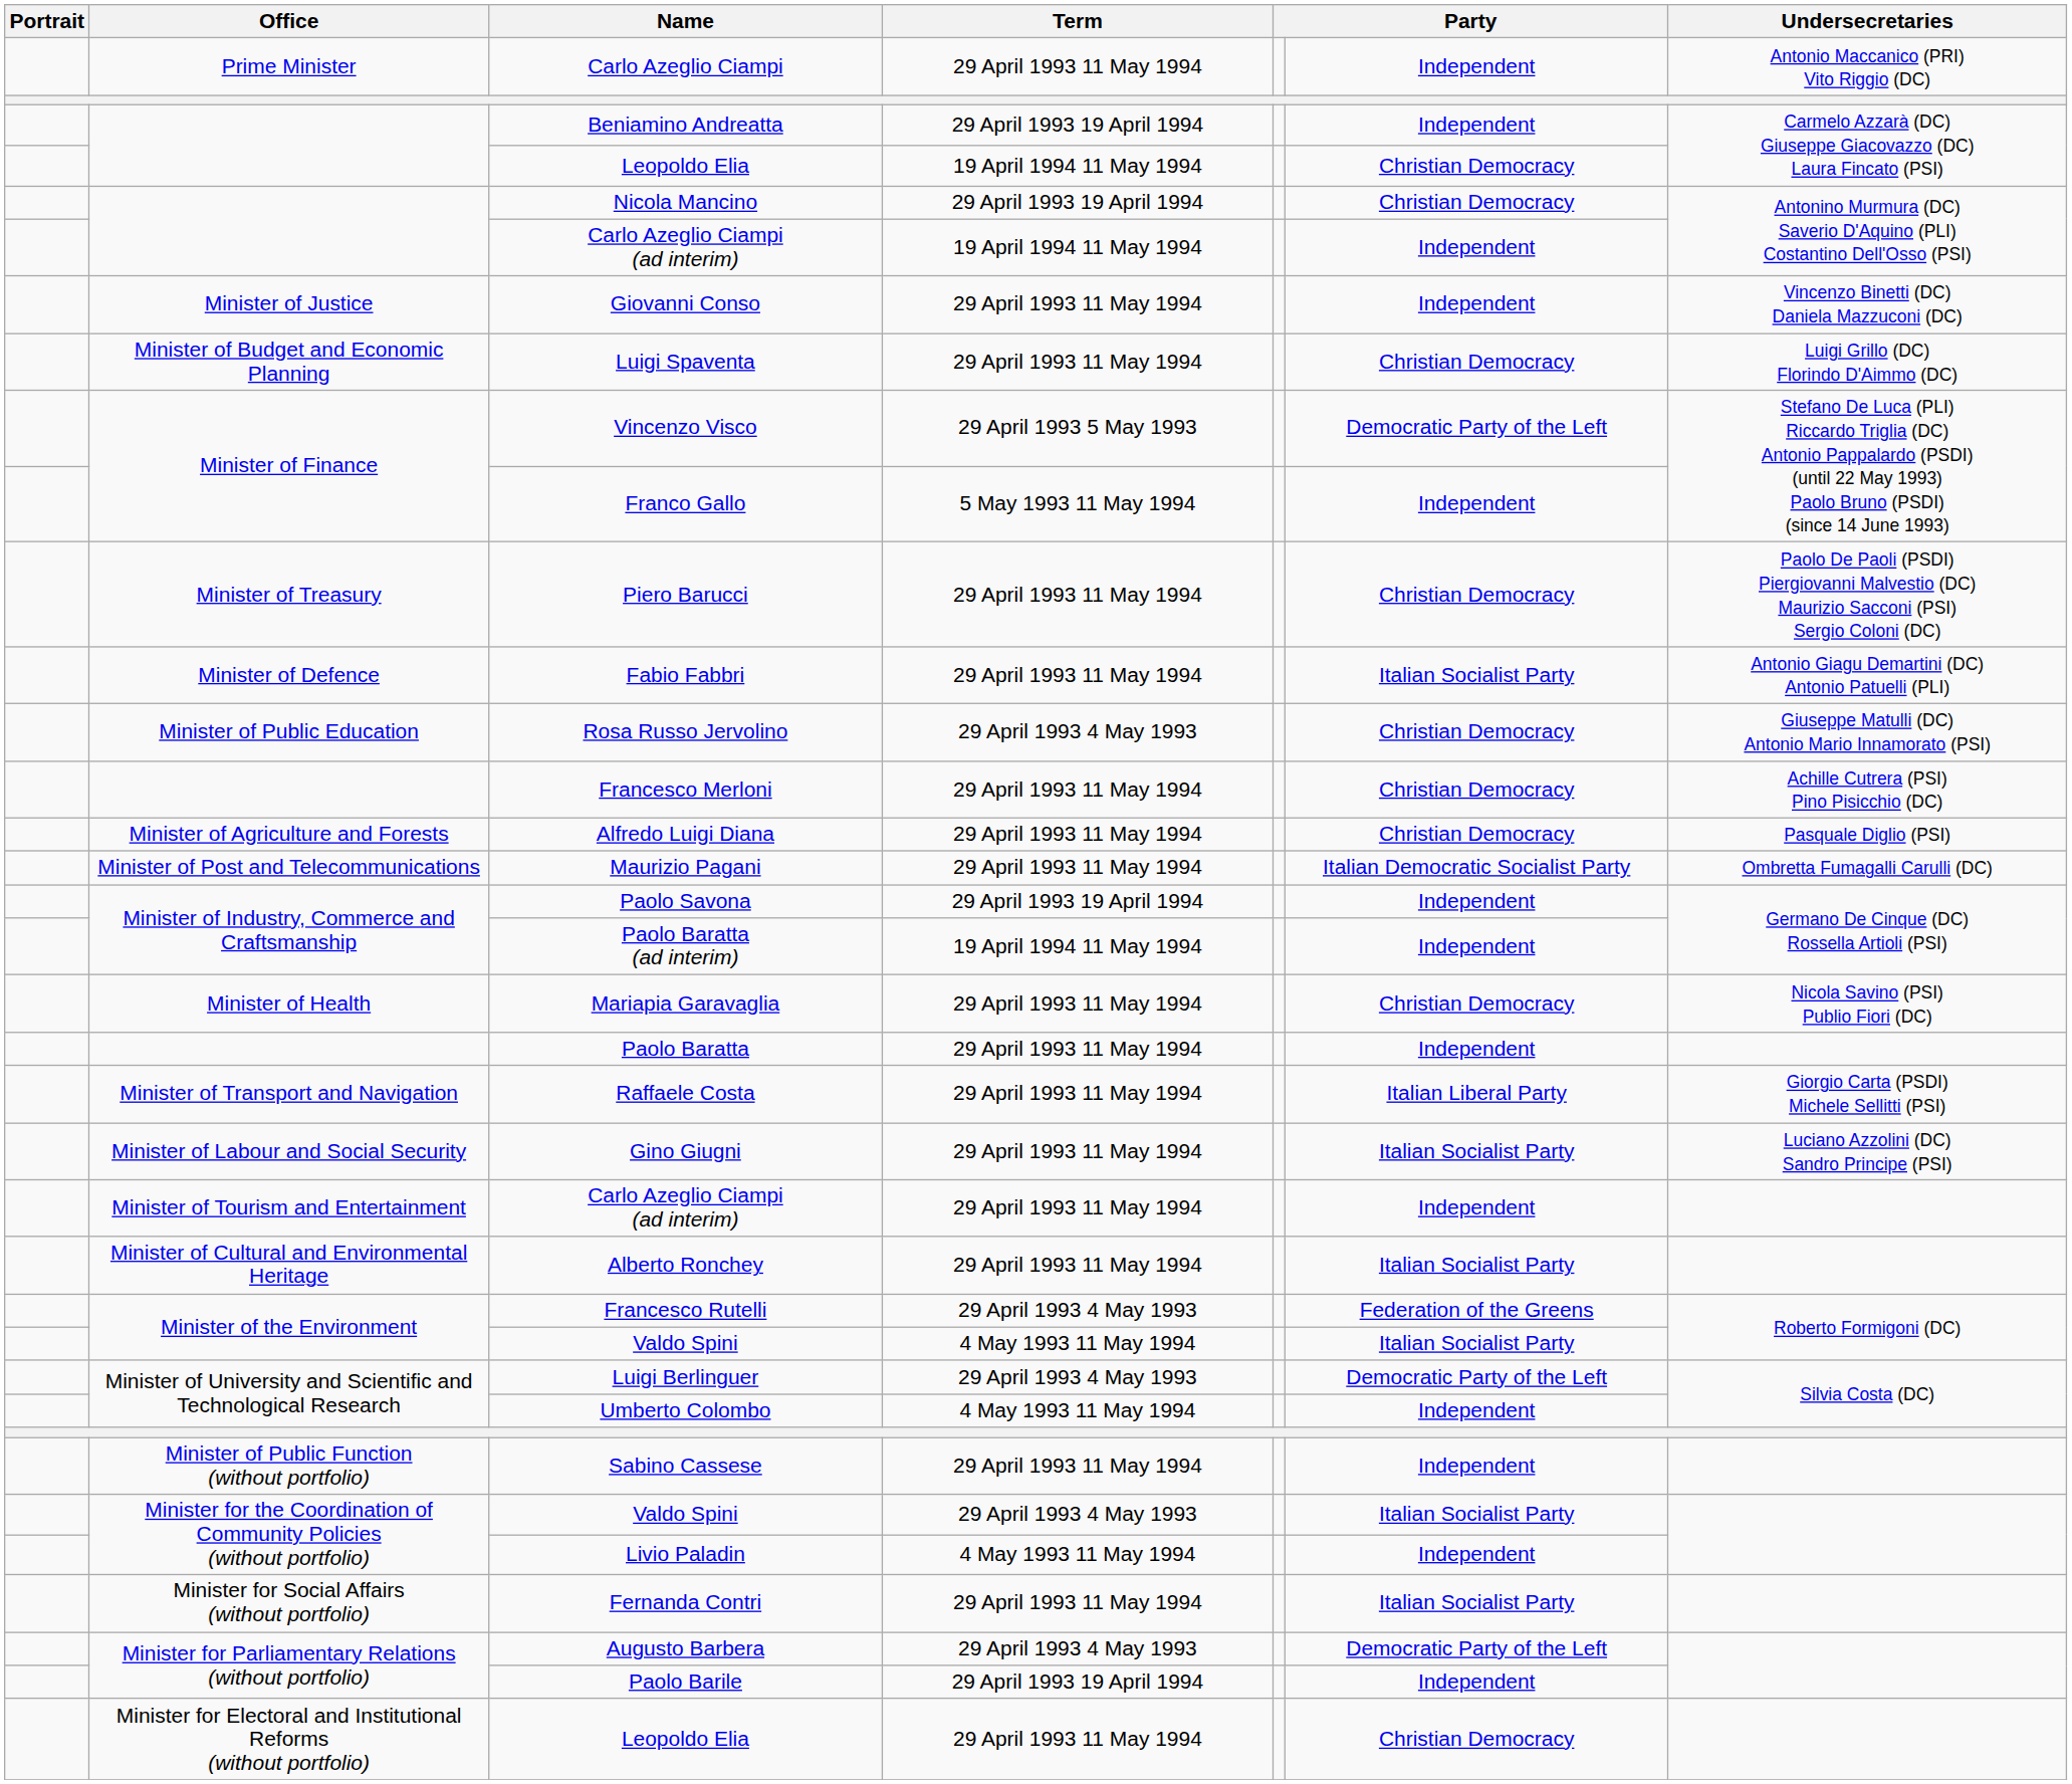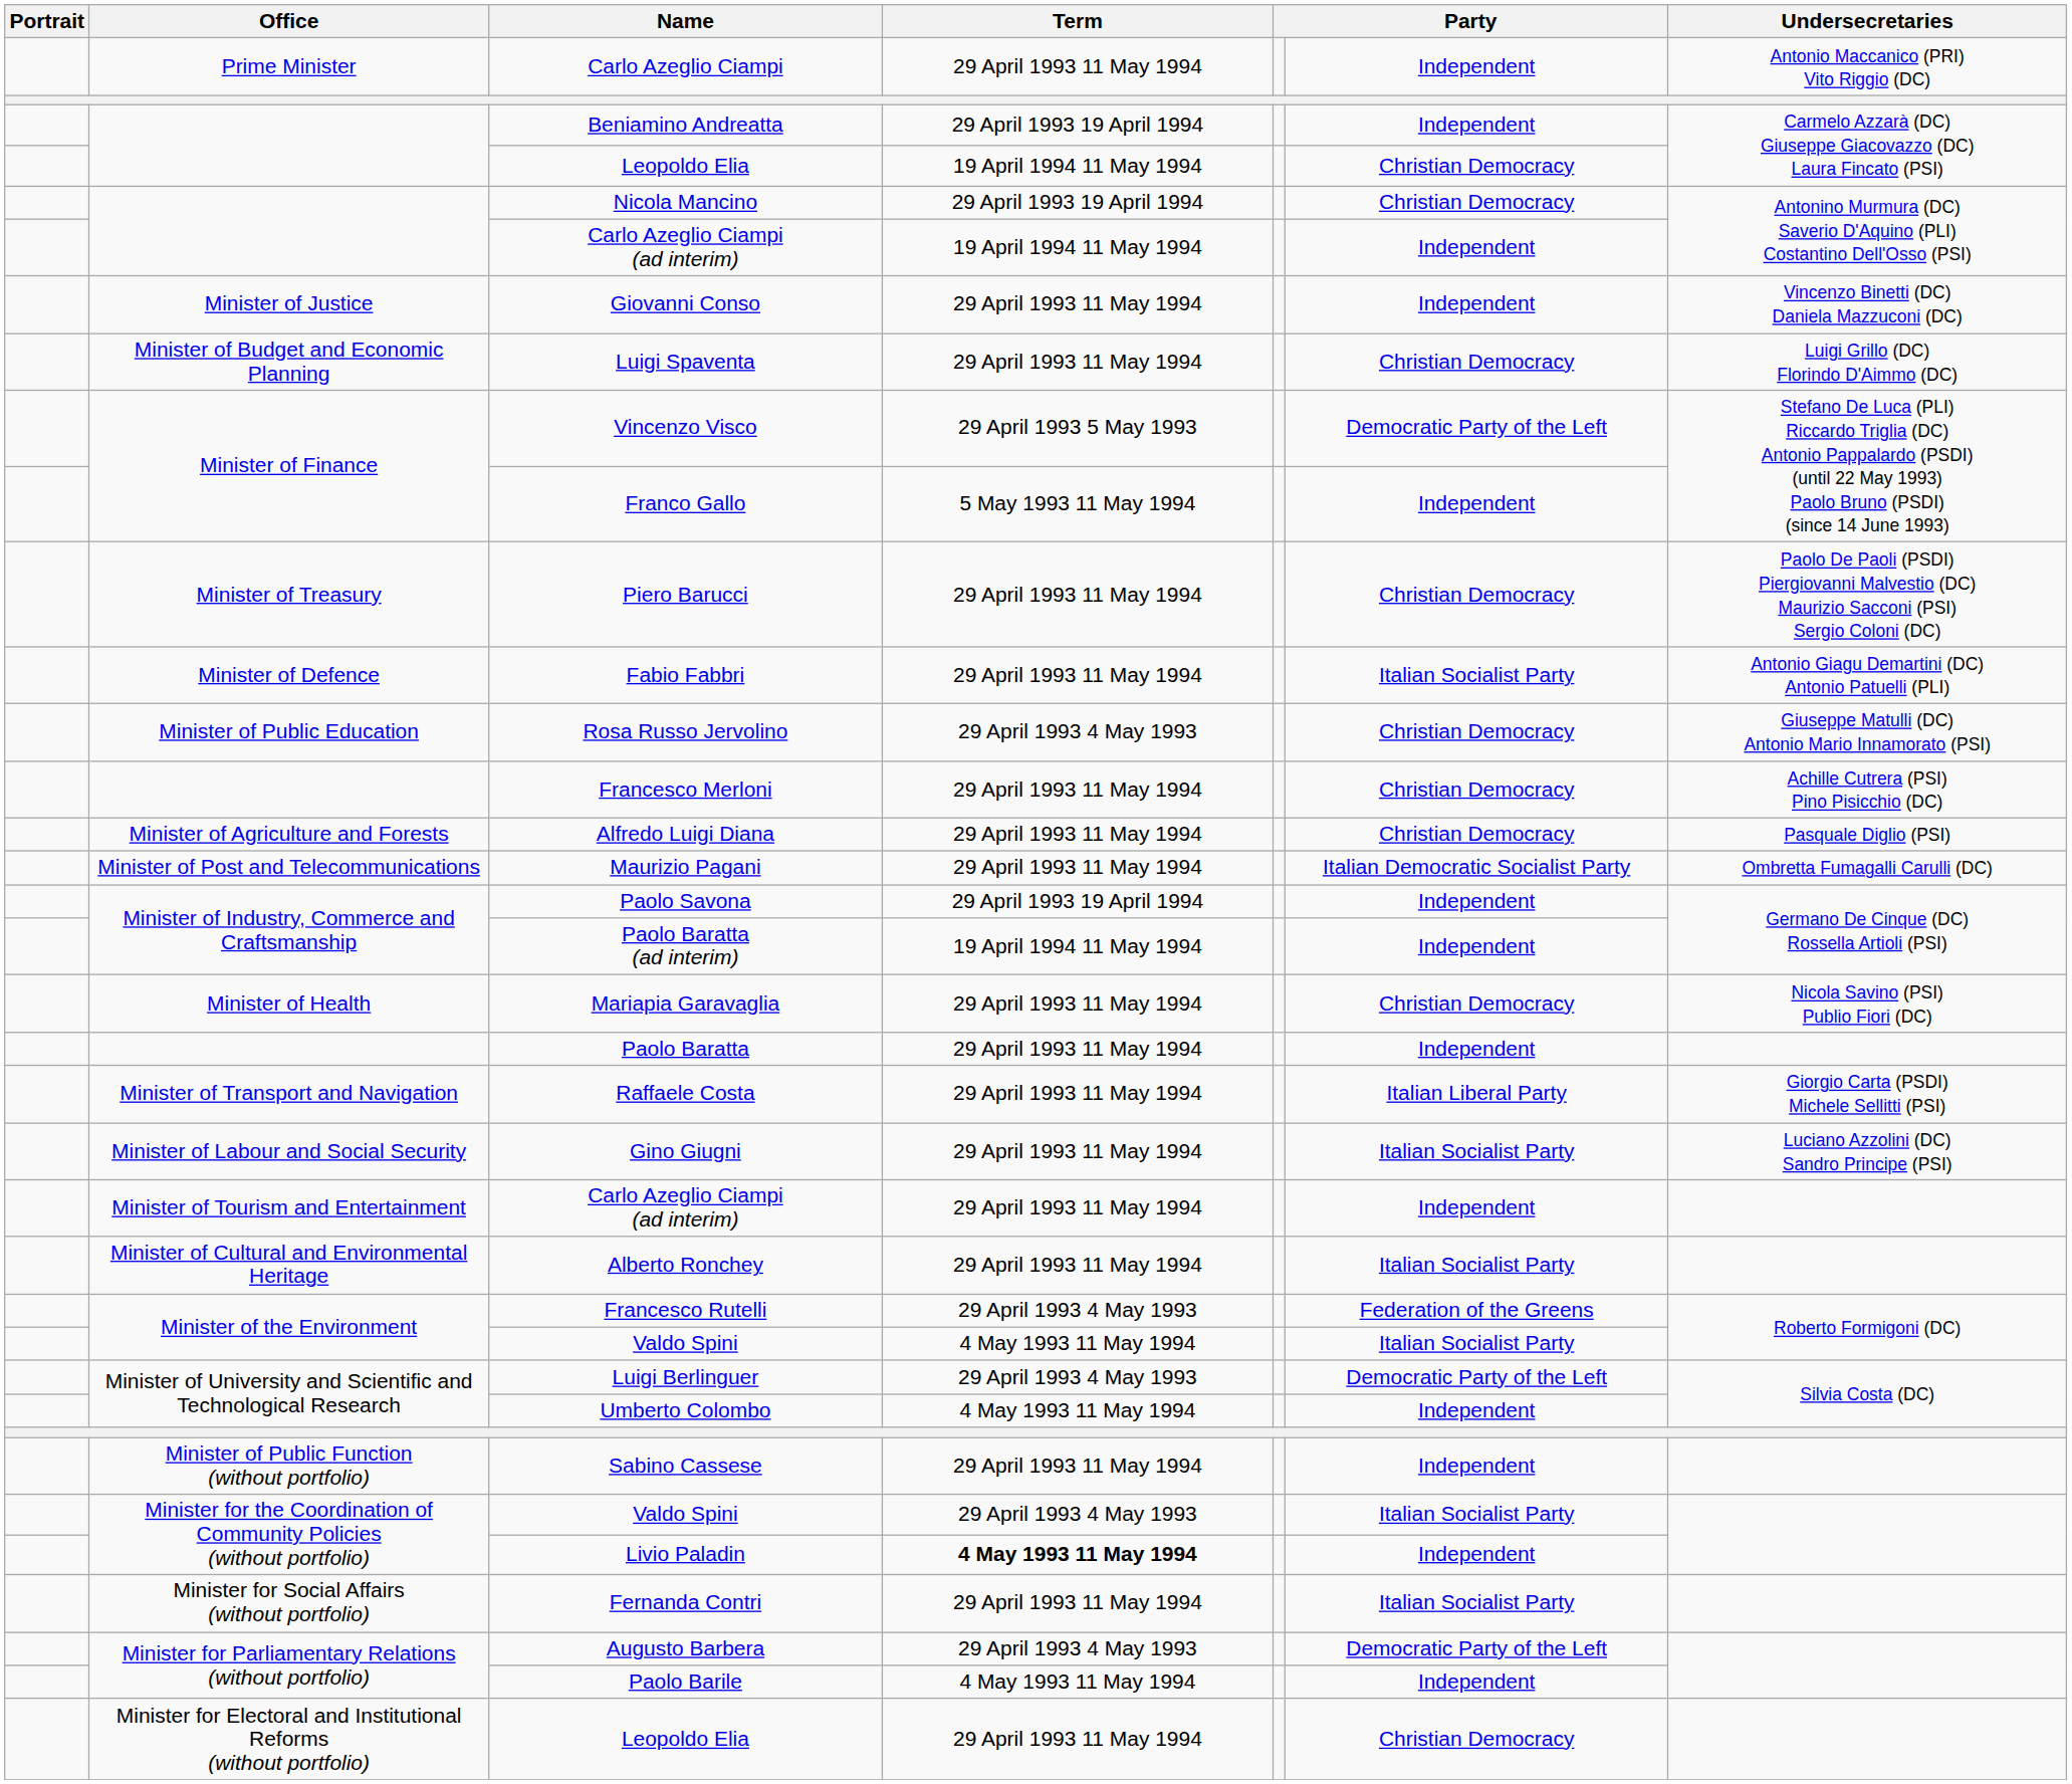 <table class="wikitable" style="text-align:center">
 <tr>
 <th>Portrait</th>
 <th width=20%>Office</th>
 <th width=20%>Name</th>
 <th width=20%>Term</th>
 <th width=20% colspan=2>Party</th>
 <th width=20%>Undersecretaries</th>
 </tr>
 <tr>
 <td></td>
 <td><a href='#'>Prime Minister</a></td>
 <td><a href='#'>Carlo Azeglio Ciampi</a></td>
 <td>29 April 1993  11 May 1994</td>
 <td style="background:"></td>
 <td><a href='#'>Independent</a></td>
 <td><small><a href='#'>Antonio Maccanico</a> (PRI)</small><br><small><a href='#'>Vito Riggio</a> (DC)</small></td>
 </tr>
 <tr>
 <th colspan="7"></th>
 </tr>
 <tr>
 <td></td>
 <td rowspan=2></td>
 <td><a href='#'>Beniamino Andreatta</a></td>
 <td>29 April 1993  19 April 1994</td>
 <td style="background:"></td>
 <td><a href='#'>Independent</a></td>
 <td rowspan=2><small><a href='#'>Carmelo Azzarà</a> (DC) <br> <a href='#'>Giuseppe Giacovazzo</a> (DC) <br> <a href='#'>Laura Fincato</a> (PSI)</small></td>
 </tr>
 <tr>
 <td></td>
 <td><a href='#'>Leopoldo Elia</a></td>
 <td>19 April 1994  11 May 1994</td>
 <td style="background:"></td>
 <td><a href='#'>Christian Democracy</a></td>
 </tr>
 <tr>
 <td></td>
 <td rowspan=2></td>
 <td><a href='#'>Nicola Mancino</a></td>
 <td>29 April 1993  19 April 1994</td>
 <td style="background:"></td>
 <td><a href='#'>Christian Democracy</a></td>
 <td rowspan=2><small><a href='#'>Antonino Murmura</a> (DC) <br> <a href='#'>Saverio D'Aquino</a> (PLI) <br> <a href='#'>Costantino Dell'Osso</a> (PSI)</small></td>
 </tr>
 <tr>
 <td></td>
 <td><a href='#'>Carlo Azeglio Ciampi</a> <br><em>(ad interim)</em></td>
 <td>19 April 1994  11 May 1994</td>
 <td style="background:"></td>
 <td><a href='#'>Independent</a></td>
 </tr>
 <tr>
 <td></td>
 <td><a href='#'>Minister of Justice</a></td>
 <td><a href='#'>Giovanni Conso</a></td>
 <td>29 April 1993  11 May 1994</td>
 <td style="background:"></td>
 <td><a href='#'>Independent</a></td>
 <td><small><a href='#'>Vincenzo Binetti</a> (DC) <br> <a href='#'>Daniela Mazzuconi</a> (DC)</small></td>
 </tr>
 <tr>
 <td></td>
 <td><a href='#'>Minister of Budget and Economic Planning</a></td>
 <td><a href='#'>Luigi Spaventa</a></td>
 <td>29 April 1993  11 May 1994</td>
 <td style="background:"></td>
 <td><a href='#'>Christian Democracy</a></td>
 <td><small><a href='#'>Luigi Grillo</a> (DC) <br> <a href='#'>Florindo D'Aimmo</a> (DC)</small></td>
 </tr>
 <tr>
 <td></td>
 <td rowspan=2><a href='#'>Minister of Finance</a></td>
 <td><a href='#'>Vincenzo Visco</a></td>
 <td>29 April 1993  5 May 1993</td>
 <td style="background:"></td>
 <td><a href='#'>Democratic Party of the Left</a></td>
 <td rowspan=2><small><a href='#'>Stefano De Luca</a> (PLI) <br> <a href='#'>Riccardo Triglia</a> (DC) <br> <a href='#'>Antonio Pappalardo</a> (PSDI)<br>(until 22 May 1993) <br> <a href='#'>Paolo Bruno</a> (PSDI)<br>(since 14 June 1993)</small></td>
 </tr>
 <tr>
 <td></td>
 <td><a href='#'>Franco Gallo</a></td>
 <td>5 May 1993  11 May 1994</td>
 <td style="background:"></td>
 <td><a href='#'>Independent</a></td>
 </tr>
 <tr>
 <td></td>
 <td><a href='#'>Minister of Treasury</a></td>
 <td><a href='#'>Piero Barucci</a></td>
 <td>29 April 1993  11 May 1994</td>
 <td style="background:"></td>
 <td><a href='#'>Christian Democracy</a></td>
 <td><small><a href='#'>Paolo De Paoli</a> (PSDI) <br> <a href='#'>Piergiovanni Malvestio</a> (DC) <br> <a href='#'>Maurizio Sacconi</a> (PSI) <br> <a href='#'>Sergio Coloni</a> (DC)</small></td>
 </tr>
 <tr>
 <td></td>
 <td><a href='#'>Minister of Defence</a></td>
 <td><a href='#'>Fabio Fabbri</a></td>
 <td>29 April 1993  11 May 1994</td>
 <td style="background:"></td>
 <td><a href='#'>Italian Socialist Party</a></td>
 <td><small><a href='#'>Antonio Giagu Demartini</a> (DC) <br> <a href='#'>Antonio Patuelli</a> (PLI)</small></td>
 </tr>
 <tr>
 <td></td>
 <td><a href='#'>Minister of Public Education</a></td>
 <td><a href='#'>Rosa Russo Jervolino</a></td>
 <td>29 April 1993  4 May 1993</td>
 <td style="background:"></td>
 <td><a href='#'>Christian Democracy</a></td>
 <td><small><a href='#'>Giuseppe Matulli</a> (DC) <br> <a href='#'>Antonio Mario Innamorato</a> (PSI)</small></td>
 </tr>
 <tr>
 <td></td>
 <td></td>
 <td><a href='#'>Francesco Merloni</a></td>
 <td>29 April 1993  11 May 1994</td>
 <td style="background:"></td>
 <td><a href='#'>Christian Democracy</a></td>
 <td><small><a href='#'>Achille Cutrera</a> (PSI) <br> <a href='#'>Pino Pisicchio</a> (DC)</small></td>
 </tr>
 <tr>
 <td></td>
 <td><a href='#'>Minister of Agriculture and Forests</a></td>
 <td><a href='#'>Alfredo Luigi Diana</a></td>
 <td>29 April 1993  11 May 1994</td>
 <td style="background:"></td>
 <td><a href='#'>Christian Democracy</a></td>
 <td><small><a href='#'>Pasquale Diglio</a> (PSI)</small></td>
 </tr>
 <tr>
 <td></td>
 <td><a href='#'>Minister of Post and Telecommunications</a></td>
 <td><a href='#'>Maurizio Pagani</a></td>
 <td>29 April 1993  11 May 1994</td>
 <td style="background:"></td>
 <td><a href='#'>Italian Democratic Socialist Party</a></td>
 <td><small><a href='#'>Ombretta Fumagalli Carulli</a> (DC)</small></td>
 </tr>
 <tr>
 <td></td>
 <td rowspan=2><a href='#'>Minister of Industry, Commerce and Craftsmanship</a></td>
 <td><a href='#'>Paolo Savona</a></td>
 <td>29 April 1993  19 April 1994</td>
 <td style="background:"></td>
 <td><a href='#'>Independent</a></td>
 <td rowspan=2><small><a href='#'>Germano De Cinque</a> (DC) <br> <a href='#'>Rossella Artioli</a> (PSI)</small></td>
 </tr>
 <tr>
 <td></td>
 <td><a href='#'>Paolo Baratta</a><br><em>(ad interim)</em></td>
 <td>19 April 1994  11 May 1994</td>
 <td style="background:"></td>
 <td><a href='#'>Independent</a></td>
 </tr>
 <tr>
 <td></td>
 <td><a href='#'>Minister of Health</a></td>
 <td><a href='#'>Mariapia Garavaglia</a></td>
 <td>29 April 1993  11 May 1994</td>
 <td style="background:"></td>
 <td><a href='#'>Christian Democracy</a></td>
 <td><small><a href='#'>Nicola Savino</a> (PSI) <br> <a href='#'>Publio Fiori</a> (DC)</small></td>
 </tr>
 <tr>
 <td></td>
 <td></td>
 <td><a href='#'>Paolo Baratta</a></td>
 <td>29 April 1993  11 May 1994</td>
 <td style="background:"></td>
 <td><a href='#'>Independent</a></td>
 <td></td>
 </tr>
 <tr>
 <td></td>
 <td><a href='#'>Minister of Transport and Navigation</a></td>
 <td><a href='#'>Raffaele Costa</a></td>
 <td>29 April 1993  11 May 1994</td>
 <td style="background:"></td>
 <td><a href='#'>Italian Liberal Party</a></td>
 <td><small><a href='#'>Giorgio Carta</a> (PSDI) <br> <a href='#'>Michele Sellitti</a> (PSI)</small></td>
 </tr>
 <tr>
 <td></td>
 <td><a href='#'>Minister of Labour and Social Security</a></td>
 <td><a href='#'>Gino Giugni</a></td>
 <td>29 April 1993  11 May 1994</td>
 <td style="background:"></td>
 <td><a href='#'>Italian Socialist Party</a></td>
 <td><small><a href='#'>Luciano Azzolini</a> (DC) <br> <a href='#'>Sandro Principe</a> (PSI)</small></td>
 </tr>
 <tr>
 <td></td>
 <td><a href='#'>Minister of Tourism and Entertainment</a></td>
 <td><a href='#'>Carlo Azeglio Ciampi</a> <br><em>(ad interim)</em></td>
 <td>29 April 1993  11 May 1994</td>
 <td style="background:"></td>
 <td><a href='#'>Independent</a></td>
 <td></td>
 </tr>
 <tr>
 <td></td>
 <td><a href='#'>Minister of Cultural and Environmental Heritage</a></td>
 <td><a href='#'>Alberto Ronchey</a></td>
 <td>29 April 1993  11 May 1994</td>
 <td style="background:"></td>
 <td><a href='#'>Italian Socialist Party</a></td>
 <td></td>
 </tr>
 <tr>
 <td></td>
 <td rowspan=2><a href='#'>Minister of the Environment</a></td>
 <td><a href='#'>Francesco Rutelli</a></td>
 <td>29 April 1993  4 May 1993</td>
 <td style="background:"></td>
 <td><a href='#'>Federation of the Greens</a></td>
 <td rowspan=2><small><a href='#'>Roberto Formigoni</a> (DC)</small></td>
 </tr>
 <tr>
 <td></td>
 <td><a href='#'>Valdo Spini</a></td>
 <td>4 May 1993  11 May 1994</td>
 <td style="background:"></td>
 <td><a href='#'>Italian Socialist Party</a></td>
 </tr>
 <tr>
 <td></td>
 <td rowspan=2>Minister of University and Scientific and Technological Research</td>
 <td><a href='#'>Luigi Berlinguer</a></td>
 <td>29 April 1993  4 May 1993</td>
 <td style="background:"></td>
 <td><a href='#'>Democratic Party of the Left</a></td>
 <td rowspan=2><small><a href='#'>Silvia Costa</a> (DC)</small></td>
 </tr>
 <tr>
 <td></td>
 <td><a href='#'>Umberto Colombo</a></td>
 <td>4 May 1993  11 May 1994</td>
 <td style="background:"></td>
 <td><a href='#'>Independent</a></td>
 </tr>
 <tr>
 <th colspan="7"></th>
 </tr>
 <tr>
 <td></td>
 <td><a href='#'>Minister of Public Function</a> <br> <em>(without portfolio)</em></td>
 <td><a href='#'>Sabino Cassese</a></td>
 <td>29 April 1993  11 May 1994</td>
 <td style="background:"></td>
 <td><a href='#'>Independent</a></td>
 <td></td>
 </tr>
 <tr>
 <td></td>
 <td rowspan=2><a href='#'>Minister for the Coordination of Community Policies</a> <br> <em>(without portfolio)</em></td>
 <td><a href='#'>Valdo Spini</a></td>
 <td>29 April 1993  4 May 1993</td>
 <td style="background:"></td>
 <td><a href='#'>Italian Socialist Party</a></td>
 <td rowspan=2></td>
 </tr>
 <tr>
 <td></td>
 <td><a href='#'>Livio Paladin</a></td>
-<td>4 May 1993  11 May 1994</td>
+<td><strong>4 May 1993  11 May 1994</strong></td>
 <td style="background:"></td>
 <td><a href='#'>Independent</a></td>
 </tr>
 <tr>
 <td></td>
 <td>Minister for Social Affairs <br> <em>(without portfolio)</em></td>
 <td><a href='#'>Fernanda Contri</a></td>
 <td>29 April 1993  11 May 1994</td>
 <td style="background:"></td>
 <td><a href='#'>Italian Socialist Party</a></td>
 <td></td>
 </tr>
 <tr>
 <td></td>
 <td rowspan=2><a href='#'>Minister for Parliamentary Relations</a> <br> <em>(without portfolio)</em></td>
 <td><a href='#'>Augusto Barbera</a></td>
 <td>29 April 1993  4 May 1993</td>
 <td style="background:"></td>
 <td><a href='#'>Democratic Party of the Left</a></td>
 <td rowspan=2></td>
 </tr>
 <tr>
 <td></td>
 <td><a href='#'>Paolo Barile</a></td>
-<td>29 April 1993  19 April 1994</td>
+<td>4 May 1993  11 May 1994</td>
 <td style="background:"></td>
 <td><a href='#'>Independent</a></td>
 </tr>
 <tr>
 <td></td>
 <td>Minister for Electoral and Institutional Reforms <br> <em>(without portfolio)</em></td>
 <td><a href='#'>Leopoldo Elia</a></td>
 <td>29 April 1993  11 May 1994</td>
 <td style="background:"></td>
 <td><a href='#'>Christian Democracy</a></td>
 <td></td>
 </tr>
 </table>
